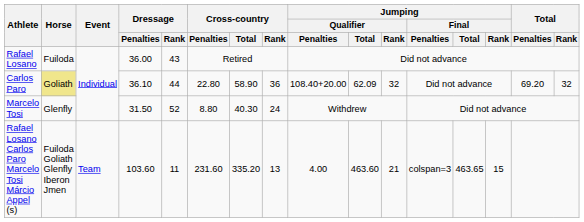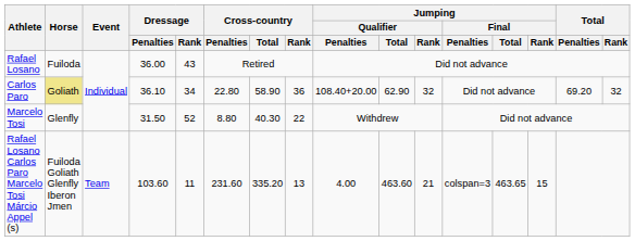 <table class=wikitable style="font-size:90%">
 <tr>
 <th rowspan="3">Athlete</th>
 <th rowspan="3">Horse</th>
 <th rowspan="3">Event</th>
 <th colspan="2" rowspan="2">Dressage</th>
 <th colspan="3" rowspan="2">Cross-country</th>
 <th colspan="6">Jumping</th>
 <th colspan="2" rowspan="2">Total</th>
 </tr>
 <tr style="font-size:95%">
 <th colspan="3">Qualifier</th>
 <th colspan="3">Final</th>
 </tr>
 <tr style="font-size:95%">
 <th>Penalties</th>
 <th>Rank</th>
 <th>Penalties</th>
 <th>Total</th>
 <th>Rank</th>
 <th>Penalties</th>
 <th>Total</th>
 <th>Rank</th>
 <th>Penalties</th>
 <th>Total</th>
 <th>Rank</th>
 <th>Penalties</th>
 <th>Rank</th>
 </tr>
 <tr align=center>
 <td align=left><a href='#'>Rafael Losano</a></td>
 <td align=left>Fuiloda</td>
 <td rowspan=3 align=left><a href='#'>Individual</a></td>
 <td>36.00</td>
 <td>43</td>
 <td colspan=3>Retired</td>
 <td colspan=8>Did not advance</td>
 </tr>
 <tr align=center>
 <td align=left><a href='#'>Carlos Paro</a></td>
 <td align=left style="background: khaki;">Goliath</td>
 <td>36.10</td>
-<td>44</td>
+<td>34</td>
 <td>22.80</td>
 <td>58.90</td>
 <td>36</td>
 <td>108.40+20.00</td>
-<td>62.09</td>
+<td>62.90</td>
 <td>32</td>
 <td colspan=3>Did not advance</td>
 <td>69.20</td>
 <td>32</td>
 </tr>
 <tr align=center>
 <td align=left><a href='#'>Marcelo Tosi</a></td>
 <td align=left>Glenfly</td>
 <td>31.50</td>
 <td>52</td>
 <td>8.80</td>
 <td>40.30</td>
-<td>24</td>
+<td>22</td>
 <td colspan=3>Withdrew</td>
 <td colspan=5>Did not advance</td>
 </tr>
 <tr align=center>
 <td align=left><a href='#'>Rafael Losano</a><br><a href='#'>Carlos Paro</a><br><a href='#'>Marcelo Tosi</a><br><a href='#'>Márcio Appel</a> (s)</td>
 <td align=left>Fuiloda<br>Goliath<br>Glenfly<br>Iberon Jmen</td>
 <td align=left><a href='#'>Team</a></td>
 <td>103.60</td>
 <td>11</td>
 <td>231.60</td>
 <td>335.20</td>
 <td>13</td>
 <td>4.00</td>
 <td>463.60</td>
 <td>21</td>
 <td>colspan=3 </td>
 <td>463.65</td>
 <td>15</td>
 </tr>
 </table>
